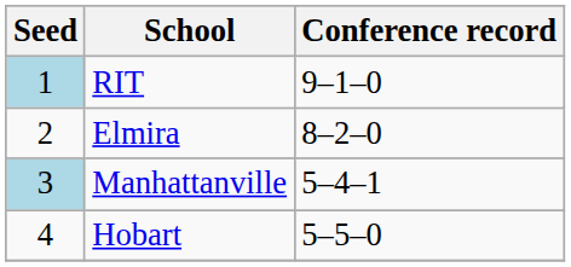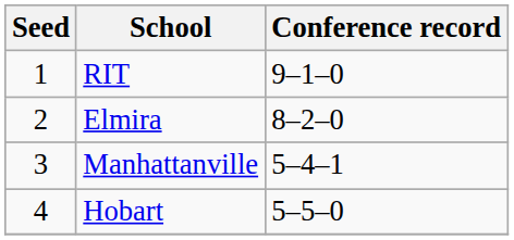 <table class="wikitable">
 <tr>
 <th>Seed</th>
 <th>School</th>
 <th>Conference record</th>
 </tr>
 <tr>
-<td align=center style="background: lightblue;">1</td>
+<td align=center>1</td>
 <td><a href='#'>RIT</a></td>
 <td>9–1–0</td>
 </tr>
 <tr>
 <td align=center>2</td>
 <td><a href='#'>Elmira</a></td>
 <td>8–2–0</td>
 </tr>
 <tr>
-<td align=center style="background: lightblue;">3</td>
+<td align=center>3</td>
 <td><a href='#'>Manhattanville</a></td>
 <td>5–4–1</td>
 </tr>
 <tr>
 <td align=center>4</td>
 <td><a href='#'>Hobart</a></td>
 <td>5–5–0</td>
 </tr>
 <tr>
 </tr>
 </table>
